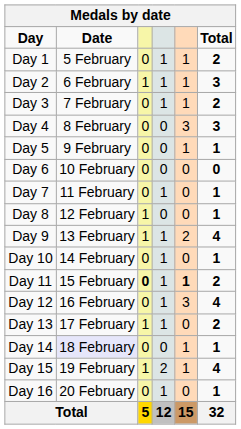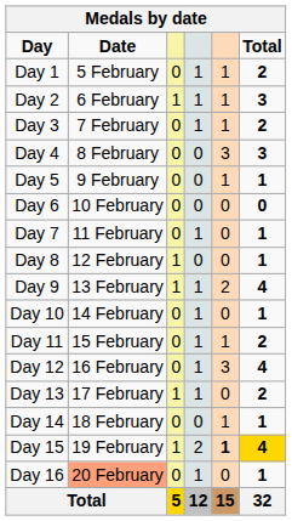 <table class="wikitable" style="font-size:85%; float:right;text-align:center">
 <tr bgcolor=efefef>
 <th colspan=6>Medals by date</th>
 </tr>
 <tr>
 <td><strong>Day</strong></td>
 <td><strong>Date</strong></td>
 <td bgcolor=F7F6A8></td>
 <td bgcolor=DCE5E5></td>
 <td bgcolor=FFDAB9></td>
 <td><strong>Total</strong></td>
 </tr>
 <tr>
 <td>Day 1</td>
 <td>5 February</td>
 <td bgcolor=F7F6A8>0</td>
 <td bgcolor=DCE5E5>1</td>
 <td bgcolor=FFDAB9>1</td>
 <td><strong>2</strong></td>
 </tr>
 <tr>
 <td>Day 2</td>
 <td>6 February</td>
 <td bgcolor=F7F6A8>1</td>
 <td bgcolor=DCE5E5>1</td>
 <td bgcolor=FFDAB9>1</td>
 <td><strong>3</strong></td>
 </tr>
 <tr>
 <td>Day 3</td>
 <td>7 February</td>
 <td bgcolor=F7F6A8>0</td>
 <td bgcolor=DCE5E5>1</td>
 <td bgcolor=FFDAB9>1</td>
 <td><strong>2</strong></td>
 </tr>
 <tr>
 <td>Day 4</td>
 <td>8 February</td>
 <td bgcolor=F7F6A8>0</td>
 <td bgcolor=DCE5E5>0</td>
 <td bgcolor=FFDAB9>3</td>
 <td><strong>3</strong></td>
 </tr>
 <tr>
 <td>Day 5</td>
 <td>9 February</td>
 <td bgcolor=F7F6A8>0</td>
 <td bgcolor=DCE5E5>0</td>
 <td bgcolor=FFDAB9>1</td>
 <td><strong>1</strong></td>
 </tr>
 <tr>
 <td>Day 6</td>
 <td>10 February</td>
 <td bgcolor=F7F6A8>0</td>
 <td bgcolor=DCE5E5>0</td>
 <td bgcolor=FFDAB9>0</td>
 <td><strong>0</strong></td>
 </tr>
 <tr>
 <td>Day 7</td>
 <td>11 February</td>
 <td bgcolor=F7F6A8>0</td>
 <td bgcolor=DCE5E5>1</td>
 <td bgcolor=FFDAB9>0</td>
 <td><strong>1</strong></td>
 </tr>
 <tr>
 <td>Day 8</td>
 <td>12 February</td>
 <td bgcolor=F7F6A8>1</td>
 <td bgcolor=DCE5E5>0</td>
 <td bgcolor=FFDAB9>0</td>
 <td><strong>1</strong></td>
 </tr>
 <tr>
 <td>Day 9</td>
 <td>13 February</td>
 <td bgcolor=F7F6A8>1</td>
 <td bgcolor=DCE5E5>1</td>
 <td bgcolor=FFDAB9>2</td>
 <td><strong>4</strong></td>
 </tr>
 <tr>
 <td>Day 10</td>
 <td>14 February</td>
 <td bgcolor=F7F6A8>0</td>
 <td bgcolor=DCE5E5>1</td>
 <td bgcolor=FFDAB9>0</td>
 <td><strong>1</strong></td>
 </tr>
 <tr>
 <td>Day 11</td>
 <td>15 February</td>
-<td bgcolor=F7F6A8><strong>0</strong></td>
+<td bgcolor=F7F6A8>0</td>
 <td bgcolor=DCE5E5>1</td>
-<td bgcolor=FFDAB9><strong>1</strong></td>
+<td bgcolor=FFDAB9>1</td>
 <td><strong>2</strong></td>
 </tr>
 <tr>
 <td>Day 12</td>
 <td>16 February</td>
 <td bgcolor=F7F6A8>0</td>
 <td bgcolor=DCE5E5>1</td>
 <td bgcolor=FFDAB9>3</td>
 <td><strong>4</strong></td>
 </tr>
 <tr>
 <td>Day 13</td>
 <td>17 February</td>
 <td bgcolor=F7F6A8>1</td>
 <td bgcolor=DCE5E5>1</td>
 <td bgcolor=FFDAB9>0</td>
 <td><strong>2</strong></td>
 </tr>
 <tr>
 <td>Day 14</td>
-<td style="background: lavender;">18 February</td>
+<td>18 February</td>
 <td bgcolor=F7F6A8>0</td>
 <td bgcolor=DCE5E5>0</td>
 <td bgcolor=FFDAB9>1</td>
 <td><strong>1</strong></td>
 </tr>
 <tr>
 <td>Day 15</td>
 <td>19 February</td>
 <td bgcolor=F7F6A8>1</td>
 <td bgcolor=DCE5E5>2</td>
-<td bgcolor=FFDAB9>1</td>
-<td><strong>4</strong></td>
+<td bgcolor=FFDAB9><strong>1</strong></td>
+<td style="background: gold;"><strong>4</strong></td>
 </tr>
 <tr>
 <td>Day 16</td>
-<td>20 February</td>
+<td style="background: lightsalmon;">20 February</td>
 <td bgcolor=F7F6A8>0</td>
 <td bgcolor=DCE5E5>1</td>
 <td bgcolor=FFDAB9>0</td>
 <td><strong>1</strong></td>
 </tr>
 <tr>
 <th colspan=2>Total</th>
 <th style="background:gold">5</th>
 <th style="background:silver">12</th>
 <th style="background:#c96">15</th>
 <th>32</th>
 </tr>
 </table>
